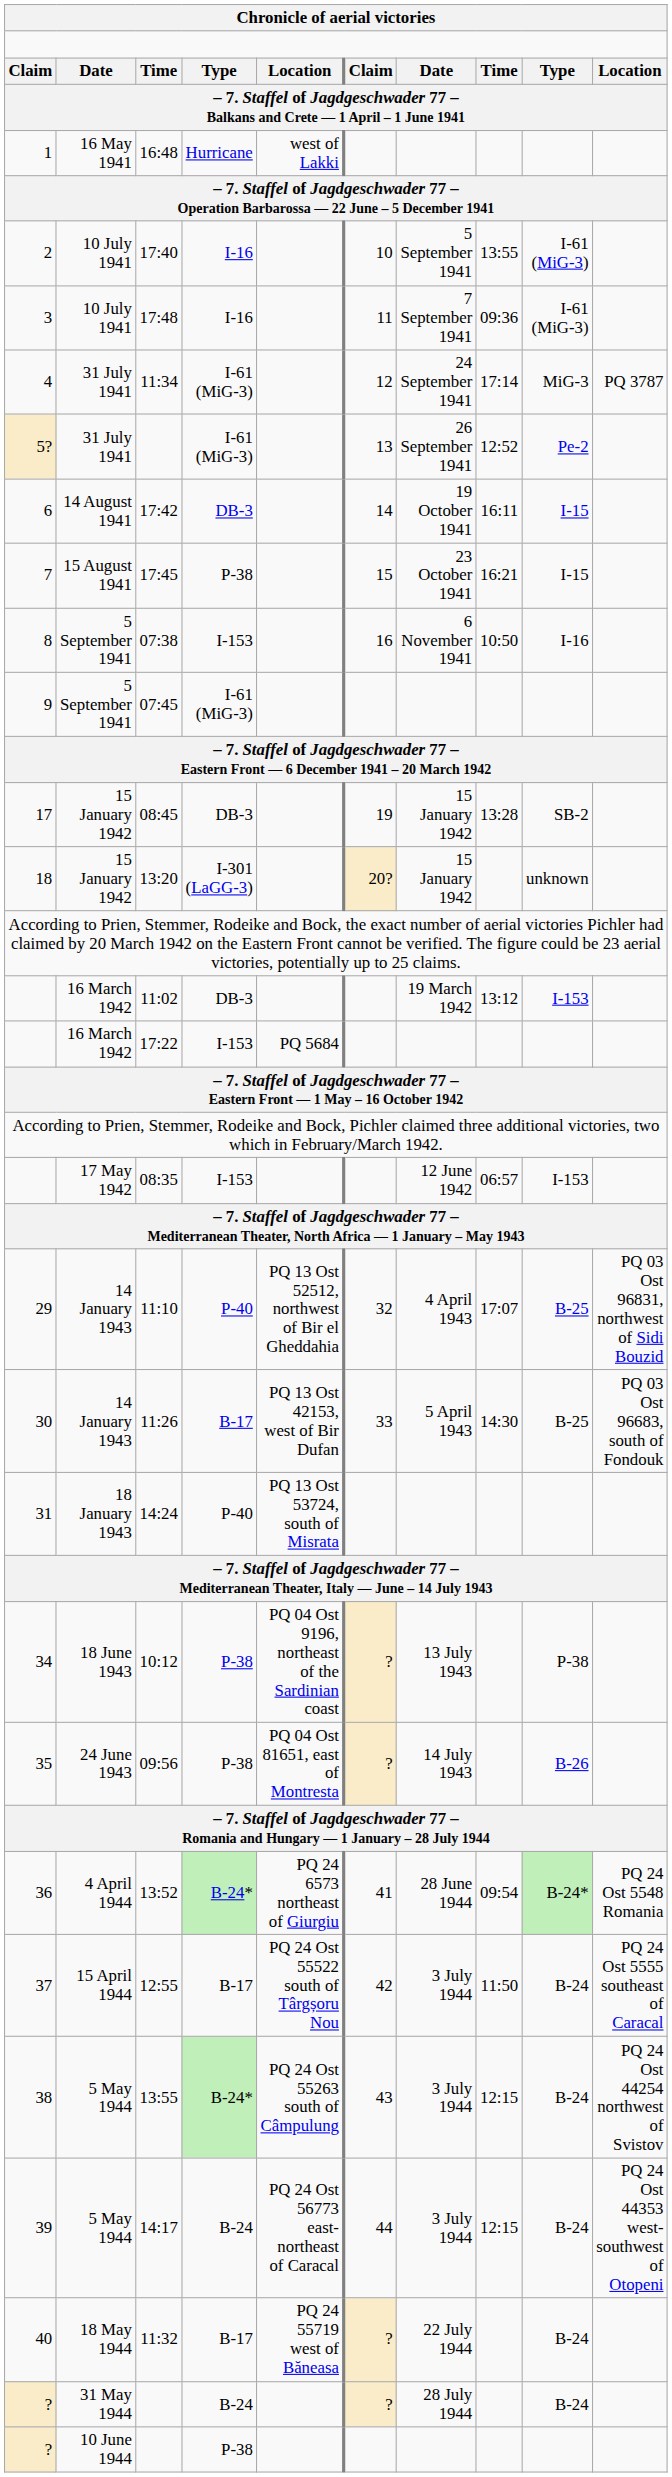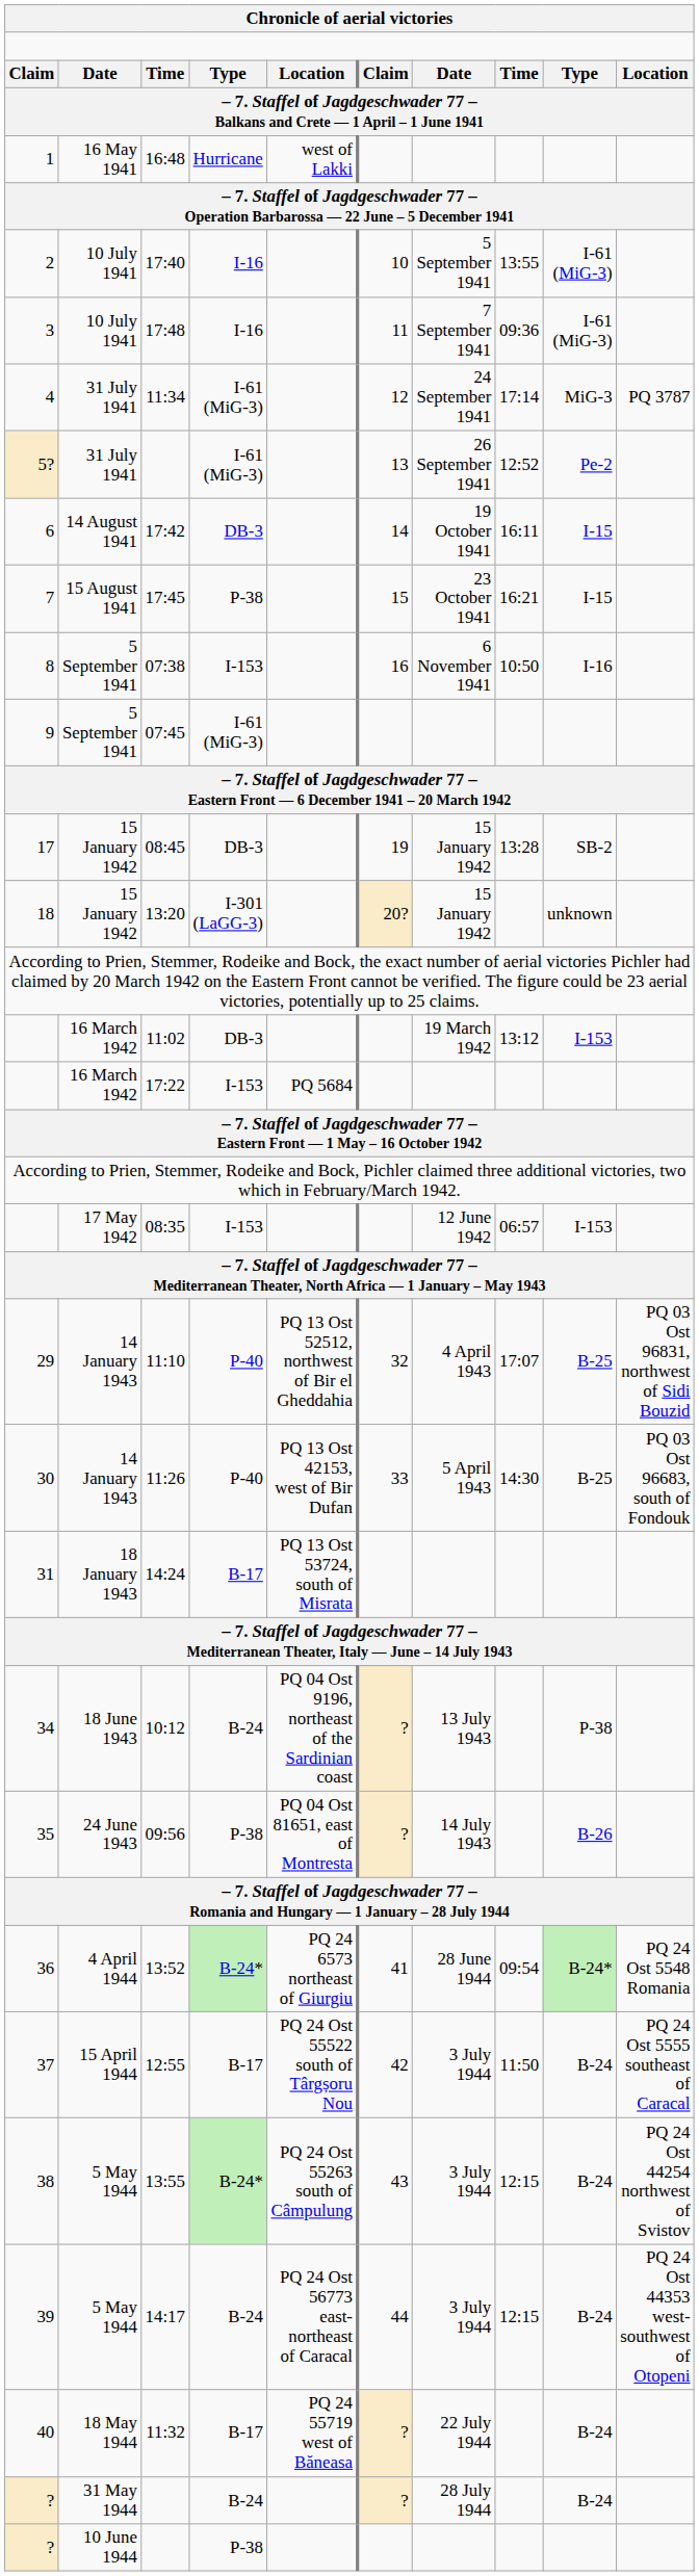 <table class="wikitable plainrowheaders collapsible" style="margin-left: auto; margin-right: auto; border: none; text-align:right; width: 100%;">
 <tr>
 <th colspan="10">Chronicle of aerial victories</th>
 </tr>
 <tr>
 <td colspan="10" style="text-align: left;"><br> </td>
 </tr>
 <tr>
 <th scope="col">Claim</th>
 <th scope="col">Date</th>
 <th scope="col">Time</th>
 <th scope="col" width="100px">Type</th>
 <th scope="col">Location</th>
 <th scope="col" style="border-left: 3px solid grey;">Claim</th>
 <th scope="col">Date</th>
 <th scope="col">Time</th>
 <th scope="col" width="100px">Type</th>
 <th scope="col">Location</th>
 </tr>
 <tr>
 <th colspan="10">– 7. <em>Staffel</em> of <em>Jagdgeschwader</em> 77 –<br><small>Balkans and Crete — 1 April – 1 June 1941</small></th>
 </tr>
 <tr>
 <td>1</td>
 <td>16 May 1941</td>
 <td>16:48</td>
 <td><a href='#'>Hurricane</a></td>
 <td> west of <a href='#'>Lakki</a></td>
 <td style="border-left: 3px solid grey;"></td>
 <td></td>
 <td></td>
 <td></td>
 <td></td>
 </tr>
 <tr>
 <th colspan="10">– 7. <em>Staffel</em> of <em>Jagdgeschwader</em> 77 –<br><small>Operation Barbarossa — 22 June – 5 December 1941</small></th>
 </tr>
 <tr>
 <td>2</td>
 <td>10 July 1941</td>
 <td>17:40</td>
 <td><a href='#'>I-16</a></td>
 <td></td>
 <td style="border-left: 3px solid grey;">10</td>
 <td>5 September 1941</td>
 <td>13:55</td>
 <td>I-61 (<a href='#'>MiG-3</a>)</td>
 <td></td>
 </tr>
 <tr>
 <td>3</td>
 <td>10 July 1941</td>
 <td>17:48</td>
 <td>I-16</td>
 <td></td>
 <td style="border-left: 3px solid grey;">11</td>
 <td>7 September 1941</td>
 <td>09:36</td>
 <td>I-61 (MiG-3)</td>
 <td></td>
 </tr>
 <tr>
 <td>4</td>
 <td>31 July 1941</td>
 <td>11:34</td>
 <td>I-61 (MiG-3)</td>
 <td></td>
 <td style="border-left: 3px solid grey;">12</td>
 <td>24 September 1941</td>
 <td>17:14</td>
 <td>MiG-3</td>
 <td>PQ 3787</td>
 </tr>
 <tr>
 <td style="background:#faecc8">5?</td>
 <td>31 July 1941</td>
 <td></td>
 <td>I-61 (MiG-3)</td>
 <td></td>
 <td style="border-left: 3px solid grey;">13</td>
 <td>26 September 1941</td>
 <td>12:52</td>
 <td><a href='#'>Pe-2</a></td>
 <td></td>
 </tr>
 <tr>
 <td>6</td>
 <td>14 August 1941</td>
 <td>17:42</td>
 <td><a href='#'>DB-3</a></td>
 <td></td>
 <td style="border-left: 3px solid grey;">14</td>
 <td>19 October 1941</td>
 <td>16:11</td>
 <td><a href='#'>I-15</a></td>
 <td></td>
 </tr>
 <tr>
 <td>7</td>
 <td>15 August 1941</td>
 <td>17:45</td>
 <td>P-38</td>
 <td></td>
 <td style="border-left: 3px solid grey;">15</td>
 <td>23 October 1941</td>
 <td>16:21</td>
 <td>I-15</td>
 <td></td>
 </tr>
 <tr>
 <td>8</td>
 <td>5 September 1941</td>
 <td>07:38</td>
 <td>I-153</td>
 <td></td>
 <td style="border-left: 3px solid grey;">16</td>
 <td>6 November 1941</td>
 <td>10:50</td>
 <td>I-16</td>
 <td></td>
 </tr>
 <tr>
 <td>9</td>
 <td>5 September 1941</td>
 <td>07:45</td>
 <td>I-61 (MiG-3)</td>
 <td></td>
 <td style="border-left: 3px solid grey;"></td>
 <td></td>
 <td></td>
 <td></td>
 <td></td>
 </tr>
 <tr>
 <th colspan="10">– 7. <em>Staffel</em> of <em>Jagdgeschwader</em> 77 –<br><small>Eastern Front — 6 December 1941 – 20 March 1942</small></th>
 </tr>
 <tr>
 <td>17</td>
 <td>15 January 1942</td>
 <td>08:45</td>
 <td>DB-3</td>
 <td></td>
 <td style="border-left: 3px solid grey;">19</td>
 <td>15 January 1942</td>
 <td>13:28</td>
 <td>SB-2</td>
 <td></td>
 </tr>
 <tr>
 <td>18</td>
 <td>15 January 1942</td>
 <td>13:20</td>
 <td>I-301 (<a href='#'>LaGG-3</a>)</td>
 <td></td>
 <td style="border-left: 3px solid grey; background:#faecc8">20?</td>
 <td>15 January 1942</td>
 <td></td>
 <td>unknown</td>
 <td></td>
 </tr>
 <tr>
 <td colspan="10" style="text-align: center">According to Prien, Stemmer, Rodeike and Bock, the exact number of aerial victories Pichler had claimed by 20 March 1942 on the Eastern Front cannot be verified. The figure could be 23 aerial victories, potentially up to 25 claims.</td>
 </tr>
 <tr>
 <td></td>
 <td>16 March 1942</td>
 <td>11:02</td>
 <td>DB-3</td>
 <td></td>
 <td style="border-left: 3px solid grey;"></td>
 <td>19 March 1942</td>
 <td>13:12</td>
 <td><a href='#'>I-153</a></td>
 <td></td>
 </tr>
 <tr>
 <td></td>
 <td>16 March 1942</td>
 <td>17:22</td>
 <td>I-153</td>
 <td>PQ 5684</td>
 <td style="border-left: 3px solid grey;"></td>
 <td></td>
 <td></td>
 <td></td>
 <td></td>
 </tr>
 <tr>
 <th colspan="10">– 7. <em>Staffel</em> of <em>Jagdgeschwader</em> 77 –<br><small>Eastern Front — 1 May – 16 October 1942</small></th>
 </tr>
 <tr>
 <td colspan="10" style="text-align: center">According to Prien, Stemmer, Rodeike and Bock, Pichler claimed three additional victories, two which in February/March 1942.</td>
 </tr>
 <tr>
 <td></td>
 <td>17 May 1942</td>
 <td>08:35</td>
 <td>I-153</td>
 <td></td>
 <td style="border-left: 3px solid grey;"></td>
 <td>12 June 1942</td>
 <td>06:57</td>
 <td>I-153</td>
 <td></td>
 </tr>
 <tr>
 <th colspan="10">– 7. <em>Staffel</em> of <em>Jagdgeschwader</em> 77 –<br><small>Mediterranean Theater, North Africa — 1 January – May 1943</small></th>
 </tr>
 <tr>
 <td>29</td>
 <td>14 January 1943</td>
 <td>11:10</td>
 <td><a href='#'>P-40</a></td>
 <td>PQ 13 Ost 52512, northwest of Bir el Gheddahia</td>
 <td style="border-left: 3px solid grey;">32</td>
 <td>4 April 1943</td>
 <td>17:07</td>
 <td><a href='#'>B-25</a></td>
 <td>PQ 03 Ost 96831, northwest of <a href='#'>Sidi Bouzid</a></td>
 </tr>
 <tr>
 <td>30</td>
 <td>14 January 1943</td>
 <td>11:26</td>
-<td><a href='#'>B-17</a></td>
+<td>P-40</td>
 <td>PQ 13 Ost 42153, west of Bir Dufan</td>
 <td style="border-left: 3px solid grey;">33</td>
 <td>5 April 1943</td>
 <td>14:30</td>
 <td>B-25</td>
 <td>PQ 03 Ost 96683, south of Fondouk</td>
 </tr>
 <tr>
 <td>31</td>
 <td>18 January 1943</td>
 <td>14:24</td>
-<td>P-40</td>
+<td><a href='#'>B-17</a></td>
 <td>PQ 13 Ost 53724, south of <a href='#'>Misrata</a></td>
 <td style="border-left: 3px solid grey;"></td>
 <td></td>
 <td></td>
 <td></td>
 <td></td>
 </tr>
 <tr>
 <th colspan="10">– 7. <em>Staffel</em> of <em>Jagdgeschwader</em> 77 –<br><small>Mediterranean Theater, Italy — June – 14 July 1943</small></th>
 </tr>
 <tr>
 <td>34</td>
 <td>18 June 1943</td>
 <td>10:12</td>
-<td><a href='#'>P-38</a></td>
+<td>B-24</td>
 <td>PQ 04 Ost 9196, northeast of the <a href='#'>Sardinian</a> coast</td>
 <td style="border-left: 3px solid grey; background:#faecc8">?</td>
 <td>13 July 1943</td>
 <td></td>
 <td>P-38</td>
 <td></td>
 </tr>
 <tr>
 <td>35</td>
 <td>24 June 1943</td>
 <td>09:56</td>
 <td>P-38</td>
 <td>PQ 04 Ost 81651, east of <a href='#'>Montresta</a></td>
 <td style="border-left: 3px solid grey; background:#faecc8">?</td>
 <td>14 July 1943</td>
 <td></td>
 <td><a href='#'>B-26</a></td>
 <td></td>
 </tr>
 <tr>
 <th colspan="10">– 7. <em>Staffel</em> of <em>Jagdgeschwader</em> 77 –<br><small>Romania and Hungary — 1 January – 28 July 1944</small></th>
 </tr>
 <tr>
 <td>36</td>
 <td>4 April 1944</td>
 <td>13:52</td>
 <td style="background:#C0EFBA"><a href='#'>B-24</a>*</td>
 <td>PQ 24 6573<br> northeast of <a href='#'>Giurgiu</a></td>
 <td style="border-left: 3px solid grey;">41</td>
 <td>28 June 1944</td>
 <td>09:54</td>
 <td style="background:#C0EFBA">B-24*</td>
 <td>PQ 24 Ost 5548<br>Romania</td>
 </tr>
 <tr>
 <td>37</td>
 <td>15 April 1944</td>
 <td>12:55</td>
 <td>B-17</td>
 <td>PQ 24 Ost 55522<br> south of <a href='#'>Târgșoru Nou</a></td>
 <td style="border-left: 3px solid grey;">42</td>
 <td>3 July 1944</td>
 <td>11:50</td>
 <td>B-24</td>
 <td>PQ 24 Ost 5555<br> southeast of <a href='#'>Caracal</a></td>
 </tr>
 <tr>
 <td>38</td>
 <td>5 May 1944</td>
 <td>13:55</td>
 <td style="background:#C0EFBA">B-24*</td>
 <td>PQ 24 Ost 55263<br> south of <a href='#'>Câmpulung</a></td>
 <td style="border-left: 3px solid grey;">43</td>
 <td>3 July 1944</td>
 <td>12:15</td>
 <td>B-24</td>
 <td>PQ 24 Ost 44254<br> northwest of Svistov</td>
 </tr>
 <tr>
 <td>39</td>
 <td>5 May 1944</td>
 <td>14:17</td>
 <td>B-24</td>
 <td>PQ 24 Ost 56773<br> east-northeast of Caracal</td>
 <td style="border-left: 3px solid grey;">44</td>
 <td>3 July 1944</td>
 <td>12:15</td>
 <td>B-24</td>
 <td>PQ 24 Ost 44353<br> west-southwest of <a href='#'>Otopeni</a></td>
 </tr>
 <tr>
 <td>40</td>
 <td>18 May 1944</td>
 <td>11:32</td>
 <td>B-17</td>
 <td>PQ 24 55719<br> west of <a href='#'>Băneasa</a></td>
 <td style="border-left: 3px solid grey; background:#faecc8">?</td>
 <td>22 July 1944</td>
 <td></td>
 <td>B-24</td>
 <td></td>
 </tr>
 <tr>
 <td style="background:#faecc8">?</td>
 <td>31 May 1944</td>
 <td></td>
 <td>B-24</td>
 <td></td>
 <td style="border-left: 3px solid grey; background:#faecc8">?</td>
 <td>28 July 1944</td>
 <td></td>
 <td>B-24</td>
 <td></td>
 </tr>
 <tr>
 <td style="background:#faecc8">?</td>
 <td>10 June 1944</td>
 <td></td>
 <td>P-38</td>
 <td></td>
 <td style="border-left: 3px solid grey;"></td>
 <td></td>
 <td></td>
 <td></td>
 <td></td>
 </tr>
 </table>
